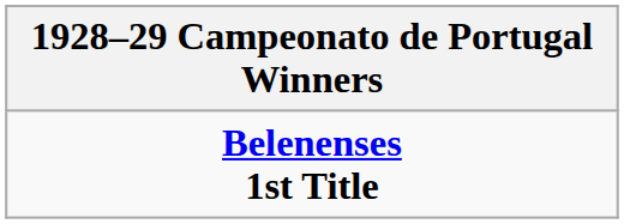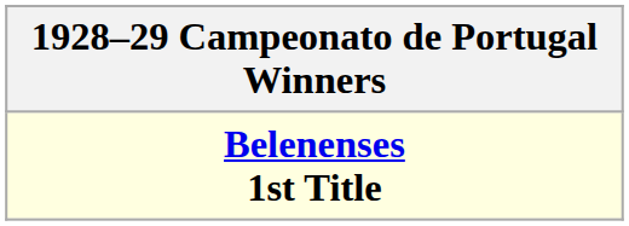 <table class="wikitable" style="text-align: center; margin: 0 auto; width: 20%">
 <tr>
 <th>1928–29 Campeonato de Portugal Winners</th>
 </tr>
 <tr>
-<td><strong><a href='#'>Belenenses</a></strong><br><strong>1st Title</strong></td>
+<td style="background: lightyellow;"><strong><a href='#'>Belenenses</a></strong><br><strong>1st Title</strong></td>
 </tr>
 </table>
